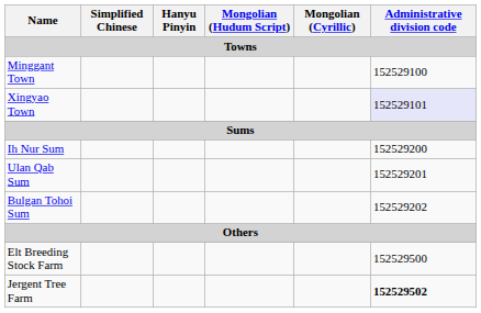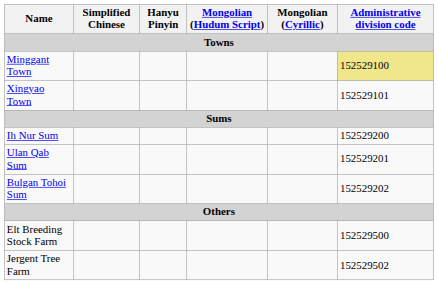 <table class="wikitable" align="center" style="width:50%; border="1">
 <tr>
 <th>Name</th>
 <th>Simplified Chinese</th>
 <th>Hanyu Pinyin</th>
 <th><a href='#'>Mongolian</a> (<a href='#'>Hudum Script</a>)</th>
 <th>Mongolian (<a href='#'>Cyrillic</a>)</th>
 <th><a href='#'>Administrative division code</a></th>
 </tr>
 <tr>
 <td colspan="6"  style="text-align:center; background:#d3d3d3;"><strong>Towns</strong></td>
 </tr>
 <tr --------->
 <td><a href='#'>Minggant Town</a></td>
 <td></td>
 <td></td>
 <td></td>
 <td></td>
-<td>152529100</td>
+<td style="background: khaki;">152529100</td>
 </tr>
 <tr>
 <td><a href='#'>Xingyao Town</a></td>
 <td></td>
 <td></td>
 <td></td>
 <td></td>
-<td style="background: lavender;">152529101</td>
+<td>152529101</td>
 </tr>
 <tr>
 <td colspan="6"  style="text-align:center; background:#d3d3d3;"><strong>Sums</strong></td>
 </tr>
 <tr --------->
 <td><a href='#'>Ih Nur Sum</a></td>
 <td></td>
 <td></td>
 <td></td>
 <td></td>
 <td>152529200</td>
 </tr>
 <tr>
 <td><a href='#'>Ulan Qab Sum</a></td>
 <td></td>
 <td></td>
 <td></td>
 <td></td>
 <td>152529201</td>
 </tr>
 <tr>
 <td><a href='#'>Bulgan Tohoi Sum</a></td>
 <td></td>
 <td></td>
 <td></td>
 <td></td>
 <td>152529202</td>
 </tr>
 <tr>
 <td colspan="6"  style="text-align:center; background:#d3d3d3;"><strong>Others</strong></td>
 </tr>
 <tr>
 <td>Elt Breeding Stock Farm</td>
 <td></td>
 <td></td>
 <td></td>
 <td></td>
 <td>152529500</td>
 </tr>
 <tr>
 <td>Jergent Tree Farm</td>
 <td></td>
 <td></td>
 <td></td>
 <td></td>
-<td><strong>152529502</strong></td>
+<td>152529502</td>
 </tr>
 </table>
